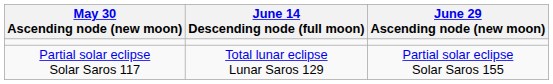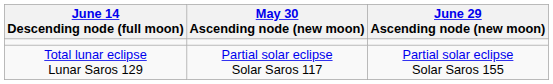 <table class="wikitable">
 <tr>
+<th><a href='#'>June 14</a><br>Descending node (full moon)</th>
 <th><a href='#'>May 30</a><br>Ascending node (new moon)</th>
-<th><a href='#'>June 14</a><br>Descending node (full moon)</th>
 <th><a href='#'>June 29</a><br>Ascending node (new moon)</th>
 </tr>
 <tr>
 <td></td>
 <td></td>
 <td></td>
 </tr>
 <tr align=center>
+<td><a href='#'>Total lunar eclipse</a><br>Lunar Saros 129</td>
 <td><a href='#'>Partial solar eclipse</a><br>Solar Saros 117</td>
-<td><a href='#'>Total lunar eclipse</a><br>Lunar Saros 129</td>
 <td><a href='#'>Partial solar eclipse</a><br>Solar Saros 155</td>
 </tr>
 </table>
